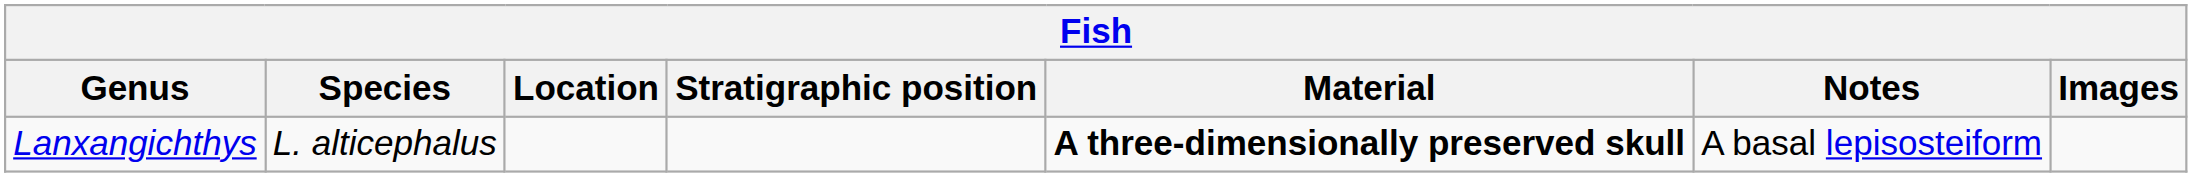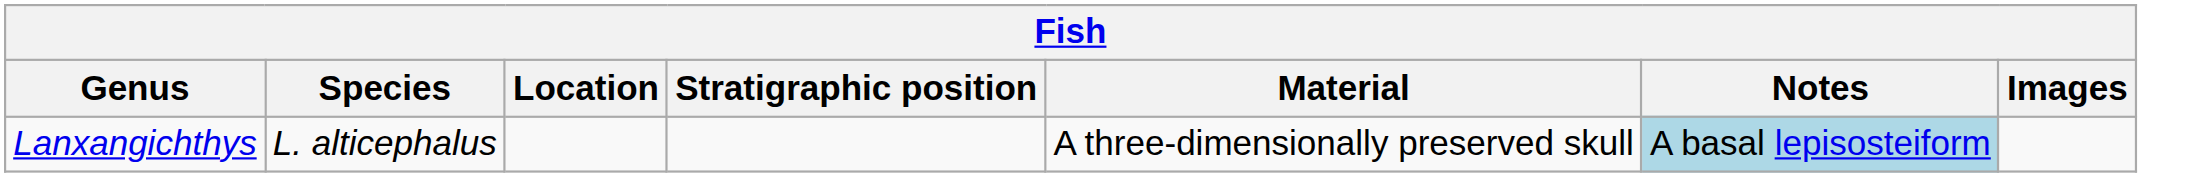 <table class="wikitable sortable" align="center">
 <tr>
 <th colspan="7" align="center"><a href='#'>Fish</a></th>
 </tr>
 <tr>
 <th>Genus</th>
 <th>Species</th>
 <th>Location</th>
 <th>Stratigraphic position</th>
 <th>Material</th>
 <th>Notes</th>
 <th>Images</th>
 </tr>
 <tr>
 <td><em><a href='#'>Lanxangichthys</a></em></td>
 <td><em>L. alticephalus</em></td>
 <td></td>
 <td></td>
-<td><strong>A three-dimensionally preserved skull</strong></td>
-<td>A basal <a href='#'>lepisosteiform</a></td>
+<td>A three-dimensionally preserved skull</td>
+<td style="background: lightblue;">A basal <a href='#'>lepisosteiform</a></td>
 </tr>
 </table>
